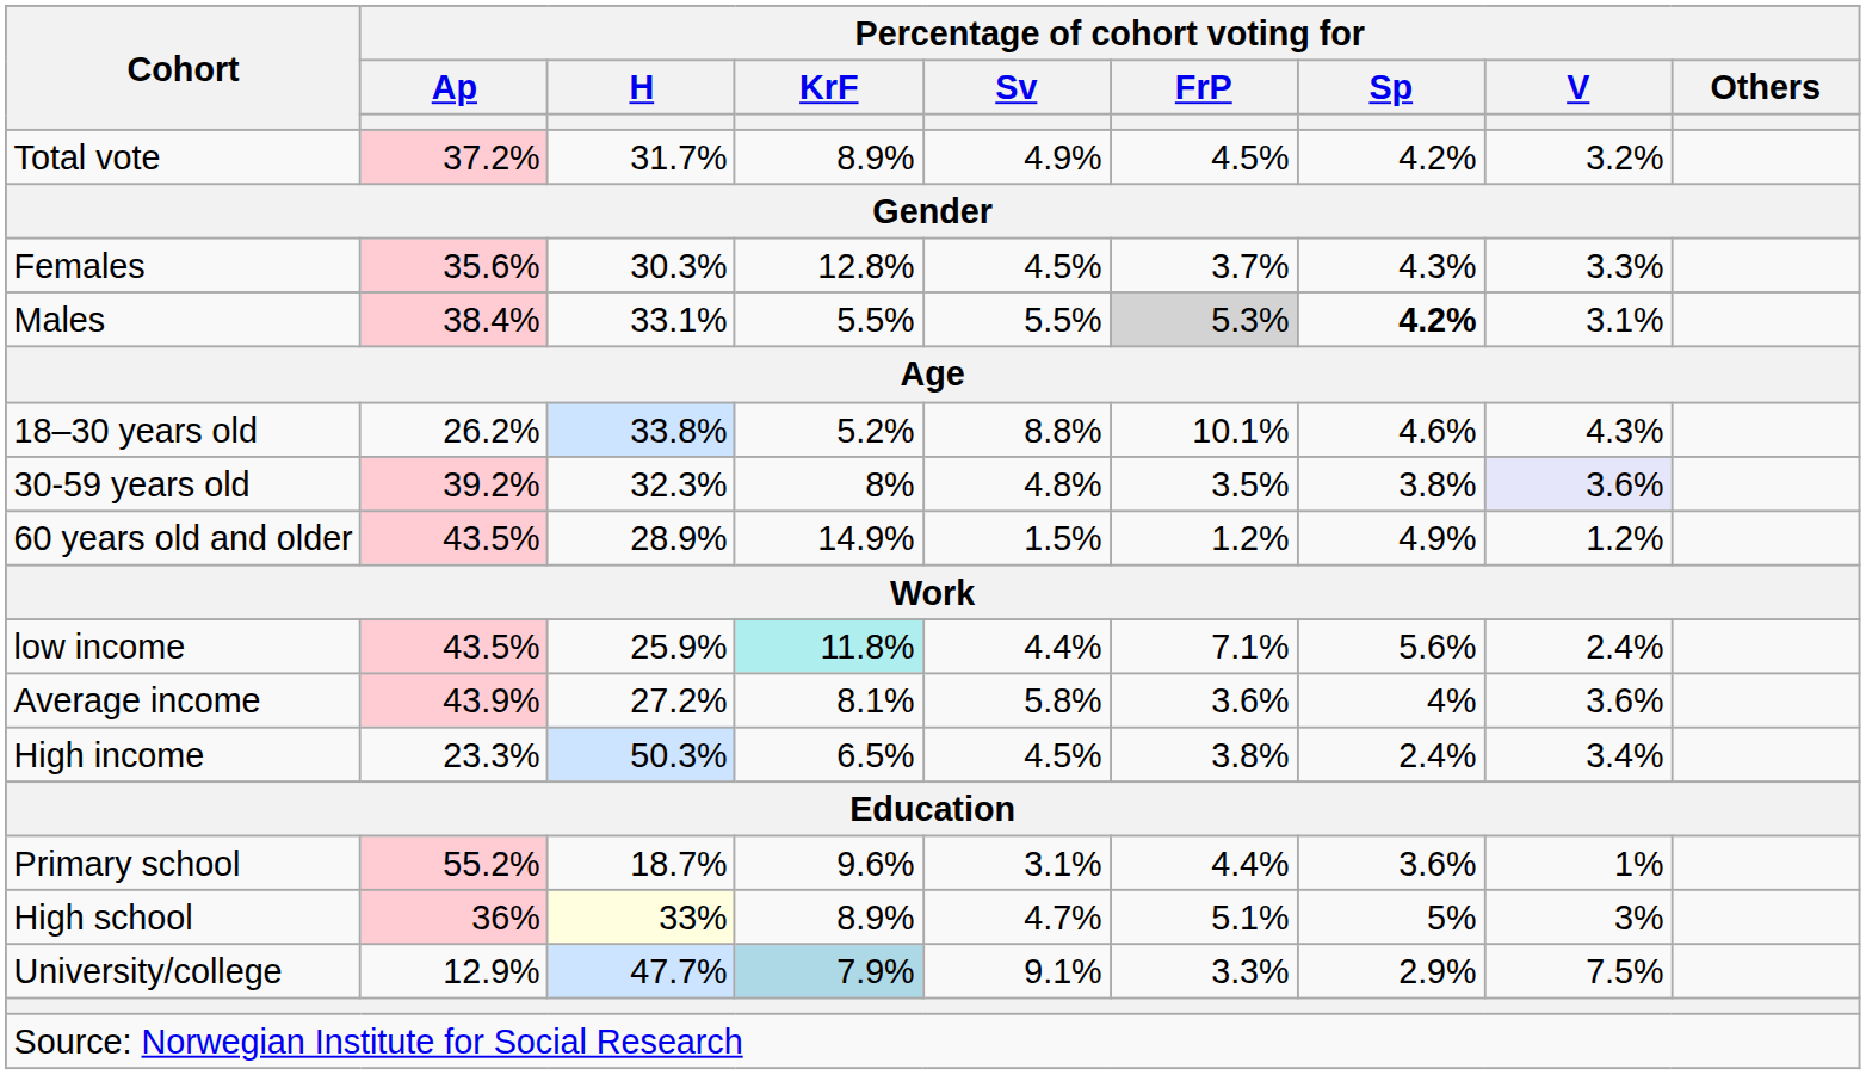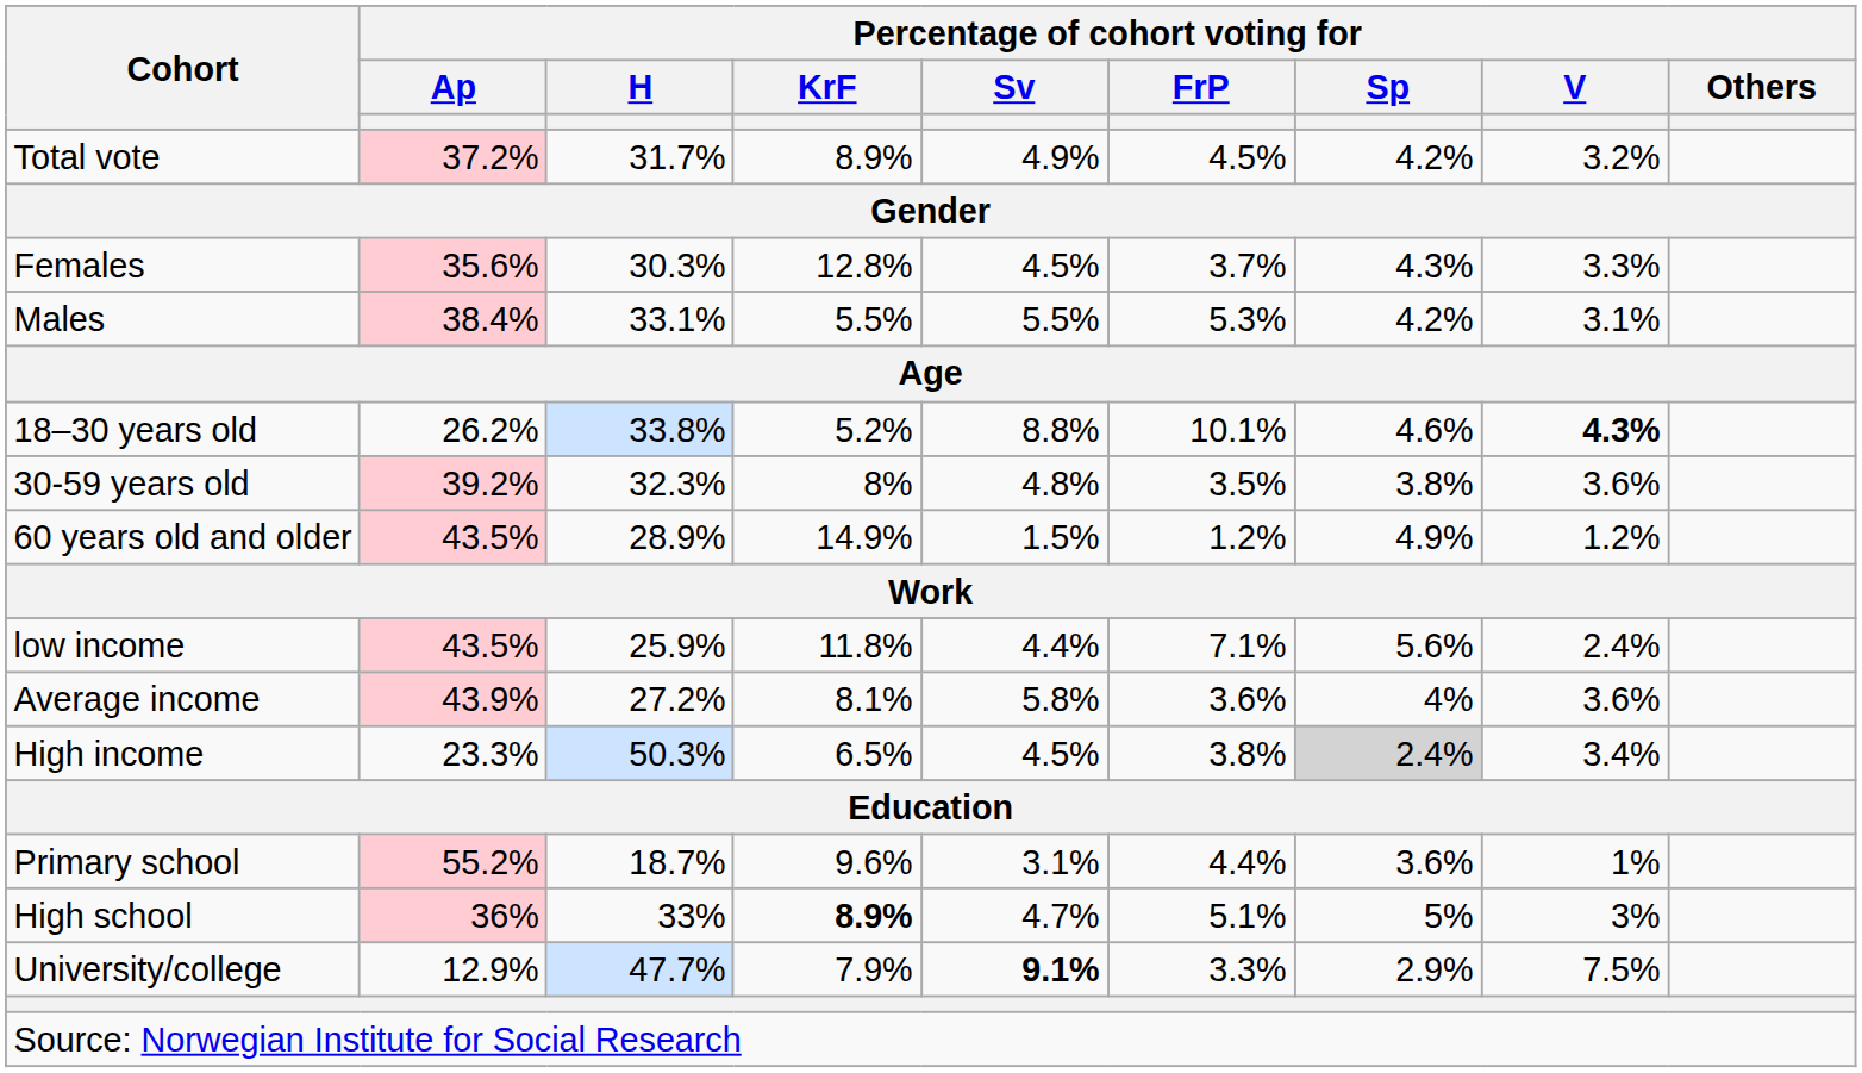 <table class="wikitable" style="text-align:right; font-size:95%;">
 <tr>
 <th rowspan="3">Cohort</th>
 <th colspan="8">Percentage of cohort voting for</th>
 </tr>
 <tr>
 <th scope="col" style="width:5em;"><a href='#'>Ap</a></th>
 <th scope="col" style="width:5em;"><a href='#'>H</a></th>
 <th scope="col" style="width:5em;"><a href='#'>KrF</a></th>
 <th scope="col" style="width:5em;"><a href='#'>Sv</a></th>
 <th scope="col" style="width:5em;"><a href='#'>FrP</a></th>
 <th scope="col" style="width:5em;"><a href='#'>Sp</a></th>
 <th scope="col" style="width:5em;"><a href='#'>V</a></th>
 <th scope="col" style="width:5em;">Others</th>
 </tr>
 <tr>
 <th style="background:"></th>
 <th style="background:"></th>
 <th style="background:"></th>
 <th style="background:"></th>
 <th style="background:"></th>
 <th style="background:"></th>
 <th style="background:"></th>
 <th style="background:"></th>
 </tr>
 <tr>
 <td align=left>Total vote</td>
 <td style="background:#ffccd4;">37.2%</td>
 <td>31.7%</td>
 <td>8.9%</td>
 <td>4.9%</td>
 <td>4.5%</td>
 <td>4.2%</td>
 <td>3.2%</td>
 <td></td>
 </tr>
 <tr>
 <th colspan="9">Gender</th>
 </tr>
 <tr>
 <td align=left>Females</td>
 <td style="background:#ffccd4;">35.6%</td>
 <td>30.3%</td>
 <td>12.8%</td>
 <td>4.5%</td>
 <td>3.7%</td>
 <td>4.3%</td>
 <td>3.3%</td>
 <td></td>
 </tr>
 <tr>
 <td align=left>Males</td>
 <td style="background:#ffccd4;">38.4%</td>
 <td>33.1%</td>
 <td>5.5%</td>
 <td>5.5%</td>
-<td style="background: lightgrey;">5.3%</td>
-<td><strong>4.2%</strong></td>
+<td>5.3%</td>
+<td>4.2%</td>
 <td>3.1%</td>
 <td></td>
 </tr>
 <tr>
 <th colspan="9">Age</th>
 </tr>
 <tr>
 <td align=left>18–30 years old</td>
 <td>26.2%</td>
 <td style="background:#cce4ff;">33.8%</td>
 <td>5.2%</td>
 <td>8.8%</td>
 <td>10.1%</td>
 <td>4.6%</td>
-<td>4.3%</td>
+<td><strong>4.3%</strong></td>
 <td></td>
 </tr>
 <tr>
 <td align=left>30-59 years old</td>
 <td style="background:#ffccd4;">39.2%</td>
 <td>32.3%</td>
 <td>8%</td>
 <td>4.8%</td>
 <td>3.5%</td>
 <td>3.8%</td>
-<td style="background: lavender;">3.6%</td>
+<td>3.6%</td>
 <td></td>
 </tr>
 <tr>
 <td align=left>60 years old and older</td>
 <td style="background:#ffccd4;">43.5%</td>
 <td>28.9%</td>
 <td>14.9%</td>
 <td>1.5%</td>
 <td>1.2%</td>
 <td>4.9%</td>
 <td>1.2%</td>
 <td></td>
 </tr>
 <tr>
 <th colspan="9">Work</th>
 </tr>
 <tr>
 <td align=left>low income</td>
 <td style="background:#ffccd4;">43.5%</td>
 <td>25.9%</td>
-<td style="background: paleturquoise;">11.8%</td>
+<td>11.8%</td>
 <td>4.4%</td>
 <td>7.1%</td>
 <td>5.6%</td>
 <td>2.4%</td>
 <td></td>
 </tr>
 <tr>
 <td align=left>Average income</td>
 <td style="background:#ffccd4;">43.9%</td>
 <td>27.2%</td>
 <td>8.1%</td>
 <td>5.8%</td>
 <td>3.6%</td>
 <td>4%</td>
 <td>3.6%</td>
 <td></td>
 </tr>
 <tr>
 <td align=left>High income</td>
 <td>23.3%</td>
 <td style="background:#cce4ff;">50.3%</td>
 <td>6.5%</td>
 <td>4.5%</td>
 <td>3.8%</td>
-<td>2.4%</td>
+<td style="background: lightgrey;">2.4%</td>
 <td>3.4%</td>
 <td></td>
 </tr>
 <tr>
 <th colspan="9">Education</th>
 </tr>
 <tr>
 <td align=left>Primary school</td>
 <td style="background:#ffccd4;">55.2%</td>
 <td>18.7%</td>
 <td>9.6%</td>
 <td>3.1%</td>
 <td>4.4%</td>
 <td>3.6%</td>
 <td>1%</td>
 <td></td>
 </tr>
 <tr>
 <td align=left>High school</td>
 <td style="background:#ffccd4;">36%</td>
-<td style="background: lightyellow;">33%</td>
-<td>8.9%</td>
+<td>33%</td>
+<td><strong>8.9%</strong></td>
 <td>4.7%</td>
 <td>5.1%</td>
 <td>5%</td>
 <td>3%</td>
 <td></td>
 </tr>
 <tr>
 <td align=left>University/college</td>
 <td>12.9%</td>
 <td style="background:#cce4ff;">47.7%</td>
-<td style="background: lightblue;">7.9%</td>
-<td>9.1%</td>
+<td>7.9%</td>
+<td><strong>9.1%</strong></td>
 <td>3.3%</td>
 <td>2.9%</td>
 <td>7.5%</td>
 <td></td>
 </tr>
 <tr>
 <th colspan="11!"></th>
 </tr>
 <tr>
 <td align=left colspan="9">Source: <a href='#'>Norwegian Institute for Social Research</a></td>
 </tr>
 </table>
